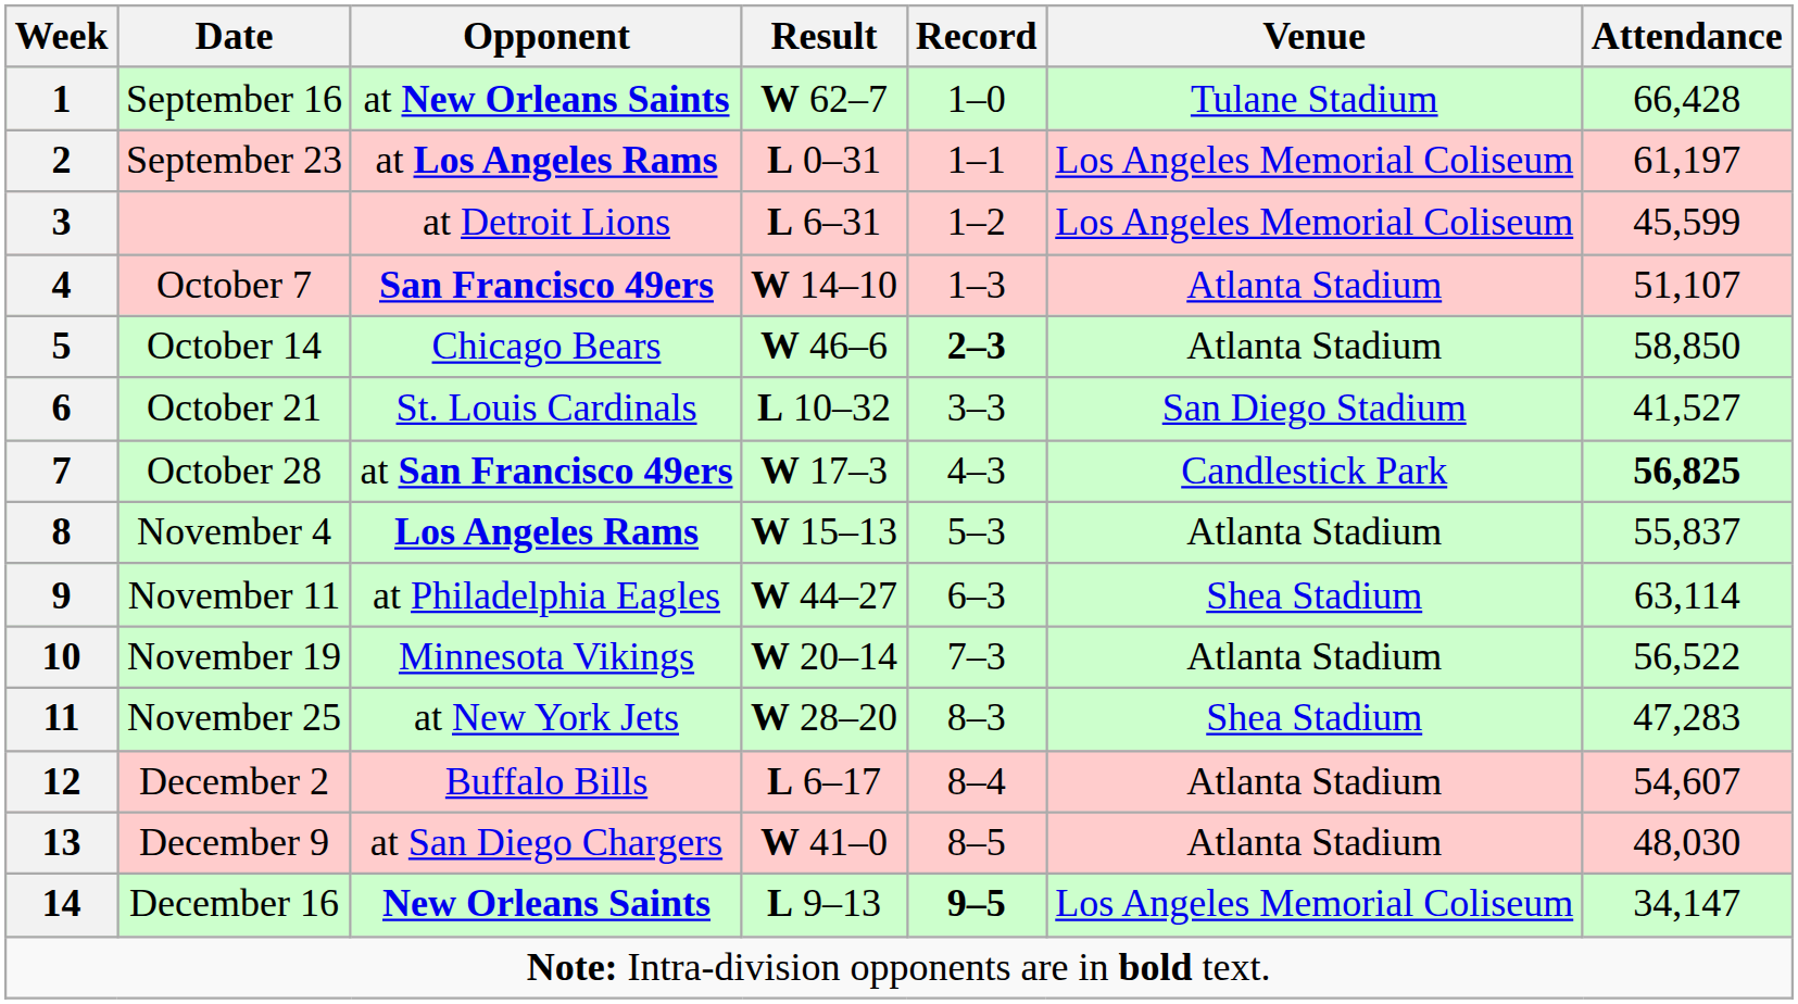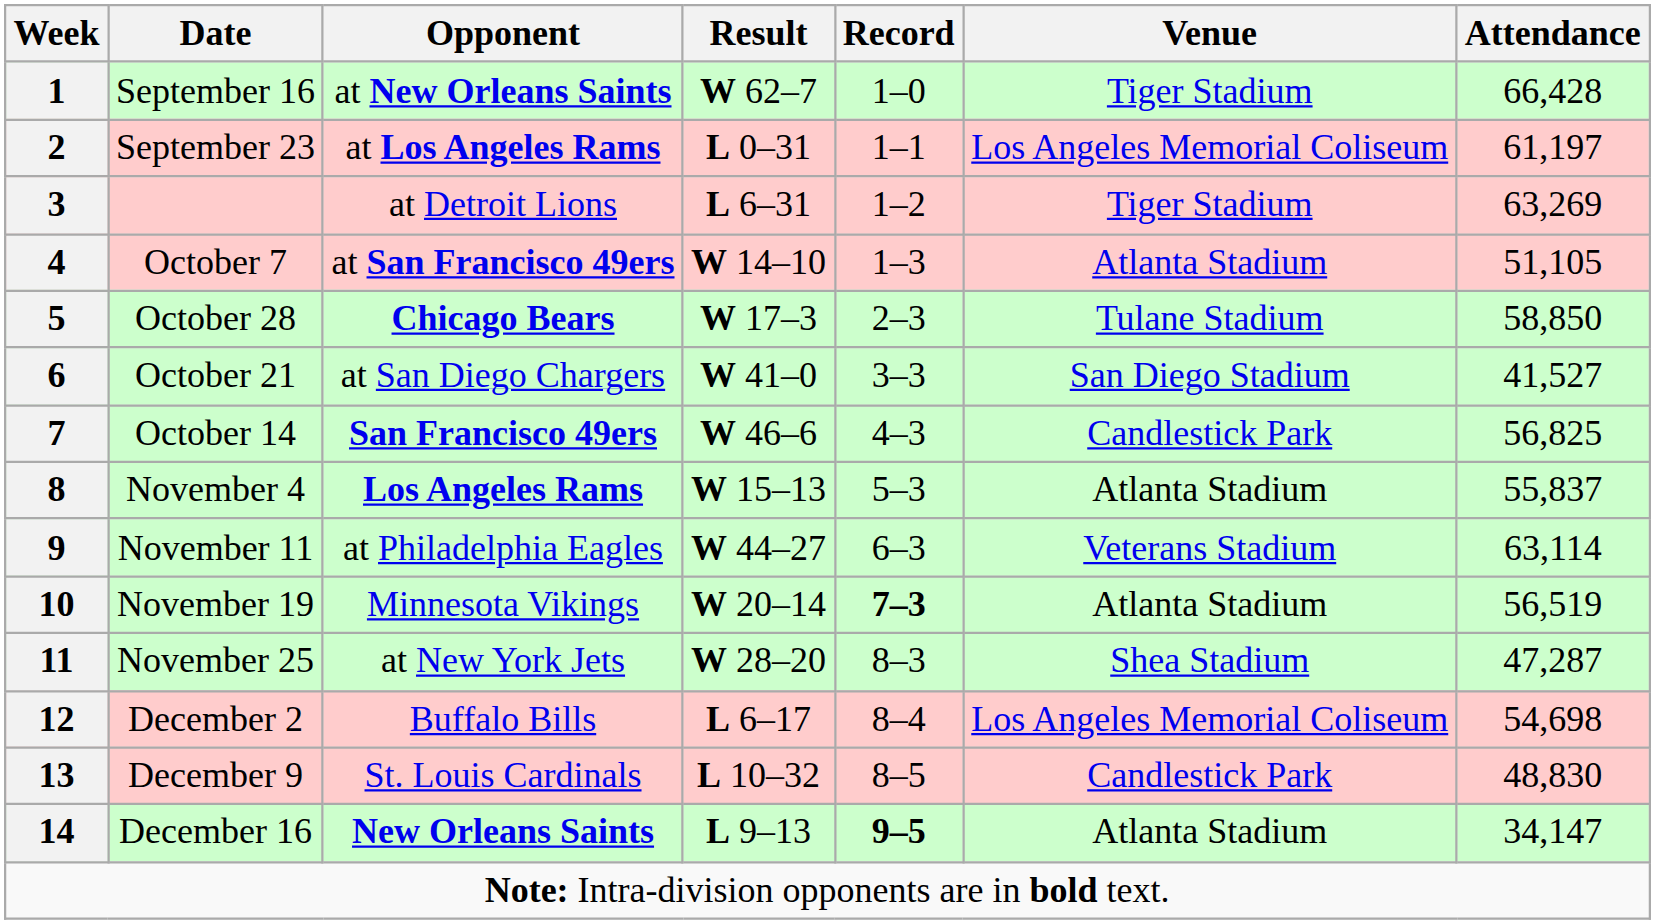 <table class="wikitable" style="text-align:center">
 <tr>
 <th>Week</th>
 <th>Date</th>
 <th>Opponent</th>
 <th>Result</th>
 <th>Record</th>
 <th>Venue</th>
 <th>Attendance</th>
 </tr>
 <tr style="background:#cfc">
 <th>1</th>
 <td>September 16</td>
 <td>at <strong><a href='#'>New Orleans Saints</a></strong></td>
 <td><strong>W</strong> 62–7</td>
 <td>1–0</td>
-<td><a href='#'>Tulane Stadium</a></td>
+<td><a href='#'>Tiger Stadium</a></td>
 <td>66,428</td>
 </tr>
 <tr style="background:#fcc">
 <th>2</th>
 <td>September 23</td>
 <td>at <strong><a href='#'>Los Angeles Rams</a></strong></td>
 <td><strong>L</strong> 0–31</td>
 <td>1–1</td>
 <td><a href='#'>Los Angeles Memorial Coliseum</a></td>
 <td>61,197</td>
 </tr>
 <tr style="background:#fcc">
 <th>3</th>
 <td></td>
 <td>at <a href='#'>Detroit Lions</a></td>
 <td><strong>L</strong> 6–31</td>
 <td>1–2</td>
-<td><a href='#'>Los Angeles Memorial Coliseum</a></td>
-<td>45,599</td>
+<td><a href='#'>Tiger Stadium</a></td>
+<td>63,269</td>
 </tr>
 <tr style="background:#fcc">
 <th>4</th>
 <td>October 7</td>
-<td><strong><a href='#'>San Francisco 49ers</a></strong></td>
+<td>at <strong><a href='#'>San Francisco 49ers</a> </strong></td>
 <td><strong>W</strong> 14–10</td>
 <td>1–3</td>
 <td><a href='#'>Atlanta Stadium</a></td>
-<td>51,107</td>
+<td>51,105</td>
 </tr>
 <tr style="background:#cfc">
 <th>5</th>
-<td>October 14</td>
-<td><a href='#'>Chicago Bears</a></td>
-<td><strong>W</strong> 46–6</td>
-<td><strong>2–3</strong></td>
-<td>Atlanta Stadium</td>
+<td>October 28</td>
+<td><strong><a href='#'>Chicago Bears</a></strong></td>
+<td><strong>W</strong> 17–3</td>
+<td>2–3</td>
+<td><a href='#'>Tulane Stadium</a></td>
 <td>58,850</td>
 </tr>
 <tr style="background:#cfc">
 <th>6</th>
 <td>October 21</td>
-<td><a href='#'>St. Louis Cardinals</a></td>
-<td><strong>L</strong> 10–32</td>
+<td>at <a href='#'>San Diego Chargers</a></td>
+<td><strong>W</strong> 41–0</td>
 <td>3–3</td>
 <td><a href='#'>San Diego Stadium</a></td>
 <td>41,527</td>
 </tr>
 <tr style="background:#cfc">
 <th>7</th>
-<td>October 28</td>
-<td>at <strong><a href='#'>San Francisco 49ers</a> </strong></td>
-<td><strong>W</strong> 17–3</td>
+<td>October 14</td>
+<td><strong><a href='#'>San Francisco 49ers</a></strong></td>
+<td><strong>W</strong> 46–6</td>
 <td>4–3</td>
 <td><a href='#'>Candlestick Park</a></td>
-<td><strong>56,825</strong></td>
+<td>56,825</td>
 </tr>
 <tr style="background:#cfc">
 <th>8</th>
 <td>November 4</td>
 <td><strong><a href='#'>Los Angeles Rams</a></strong></td>
 <td><strong>W</strong> 15–13</td>
 <td>5–3</td>
 <td>Atlanta Stadium</td>
 <td>55,837</td>
 </tr>
 <tr style="background:#cfc">
 <th>9</th>
 <td>November 11</td>
 <td>at <a href='#'>Philadelphia Eagles</a></td>
 <td><strong>W</strong> 44–27</td>
 <td>6–3</td>
-<td><a href='#'>Shea Stadium</a></td>
+<td><a href='#'>Veterans Stadium</a></td>
 <td>63,114</td>
 </tr>
 <tr style="background:#cfc">
 <th>10</th>
 <td>November 19</td>
 <td><a href='#'>Minnesota Vikings</a></td>
 <td><strong>W</strong> 20–14</td>
-<td>7–3</td>
+<td><strong>7–3</strong></td>
 <td>Atlanta Stadium</td>
-<td>56,522</td>
+<td>56,519</td>
 </tr>
 <tr style="background:#cfc">
 <th>11</th>
 <td>November 25</td>
 <td>at <a href='#'>New York Jets</a></td>
 <td><strong>W</strong> 28–20</td>
 <td>8–3</td>
 <td><a href='#'>Shea Stadium</a></td>
-<td>47,283</td>
+<td>47,287</td>
 </tr>
 <tr style="background:#fcc">
 <th>12</th>
 <td>December 2</td>
 <td><a href='#'>Buffalo Bills</a></td>
 <td><strong>L</strong> 6–17</td>
 <td>8–4</td>
-<td>Atlanta Stadium</td>
-<td>54,607</td>
+<td><a href='#'>Los Angeles Memorial Coliseum</a></td>
+<td>54,698</td>
 </tr>
 <tr style="background:#fcc">
 <th>13</th>
 <td>December 9</td>
-<td>at <a href='#'>San Diego Chargers</a></td>
-<td><strong>W</strong> 41–0</td>
+<td><a href='#'>St. Louis Cardinals</a></td>
+<td><strong>L</strong> 10–32</td>
 <td>8–5</td>
-<td>Atlanta Stadium</td>
-<td>48,030</td>
+<td><a href='#'>Candlestick Park</a></td>
+<td>48,830</td>
 </tr>
 <tr style="background:#cfc">
 <th>14</th>
 <td>December 16</td>
 <td><strong><a href='#'>New Orleans Saints</a></strong></td>
 <td><strong>L</strong> 9–13</td>
 <td><strong>9–5</strong></td>
-<td><a href='#'>Los Angeles Memorial Coliseum</a></td>
+<td>Atlanta Stadium</td>
 <td>34,147</td>
 </tr>
 <tr>
 <td colspan="7"><strong>Note:</strong> Intra-division opponents are in <strong>bold</strong> text.</td>
 </tr>
 </table>
